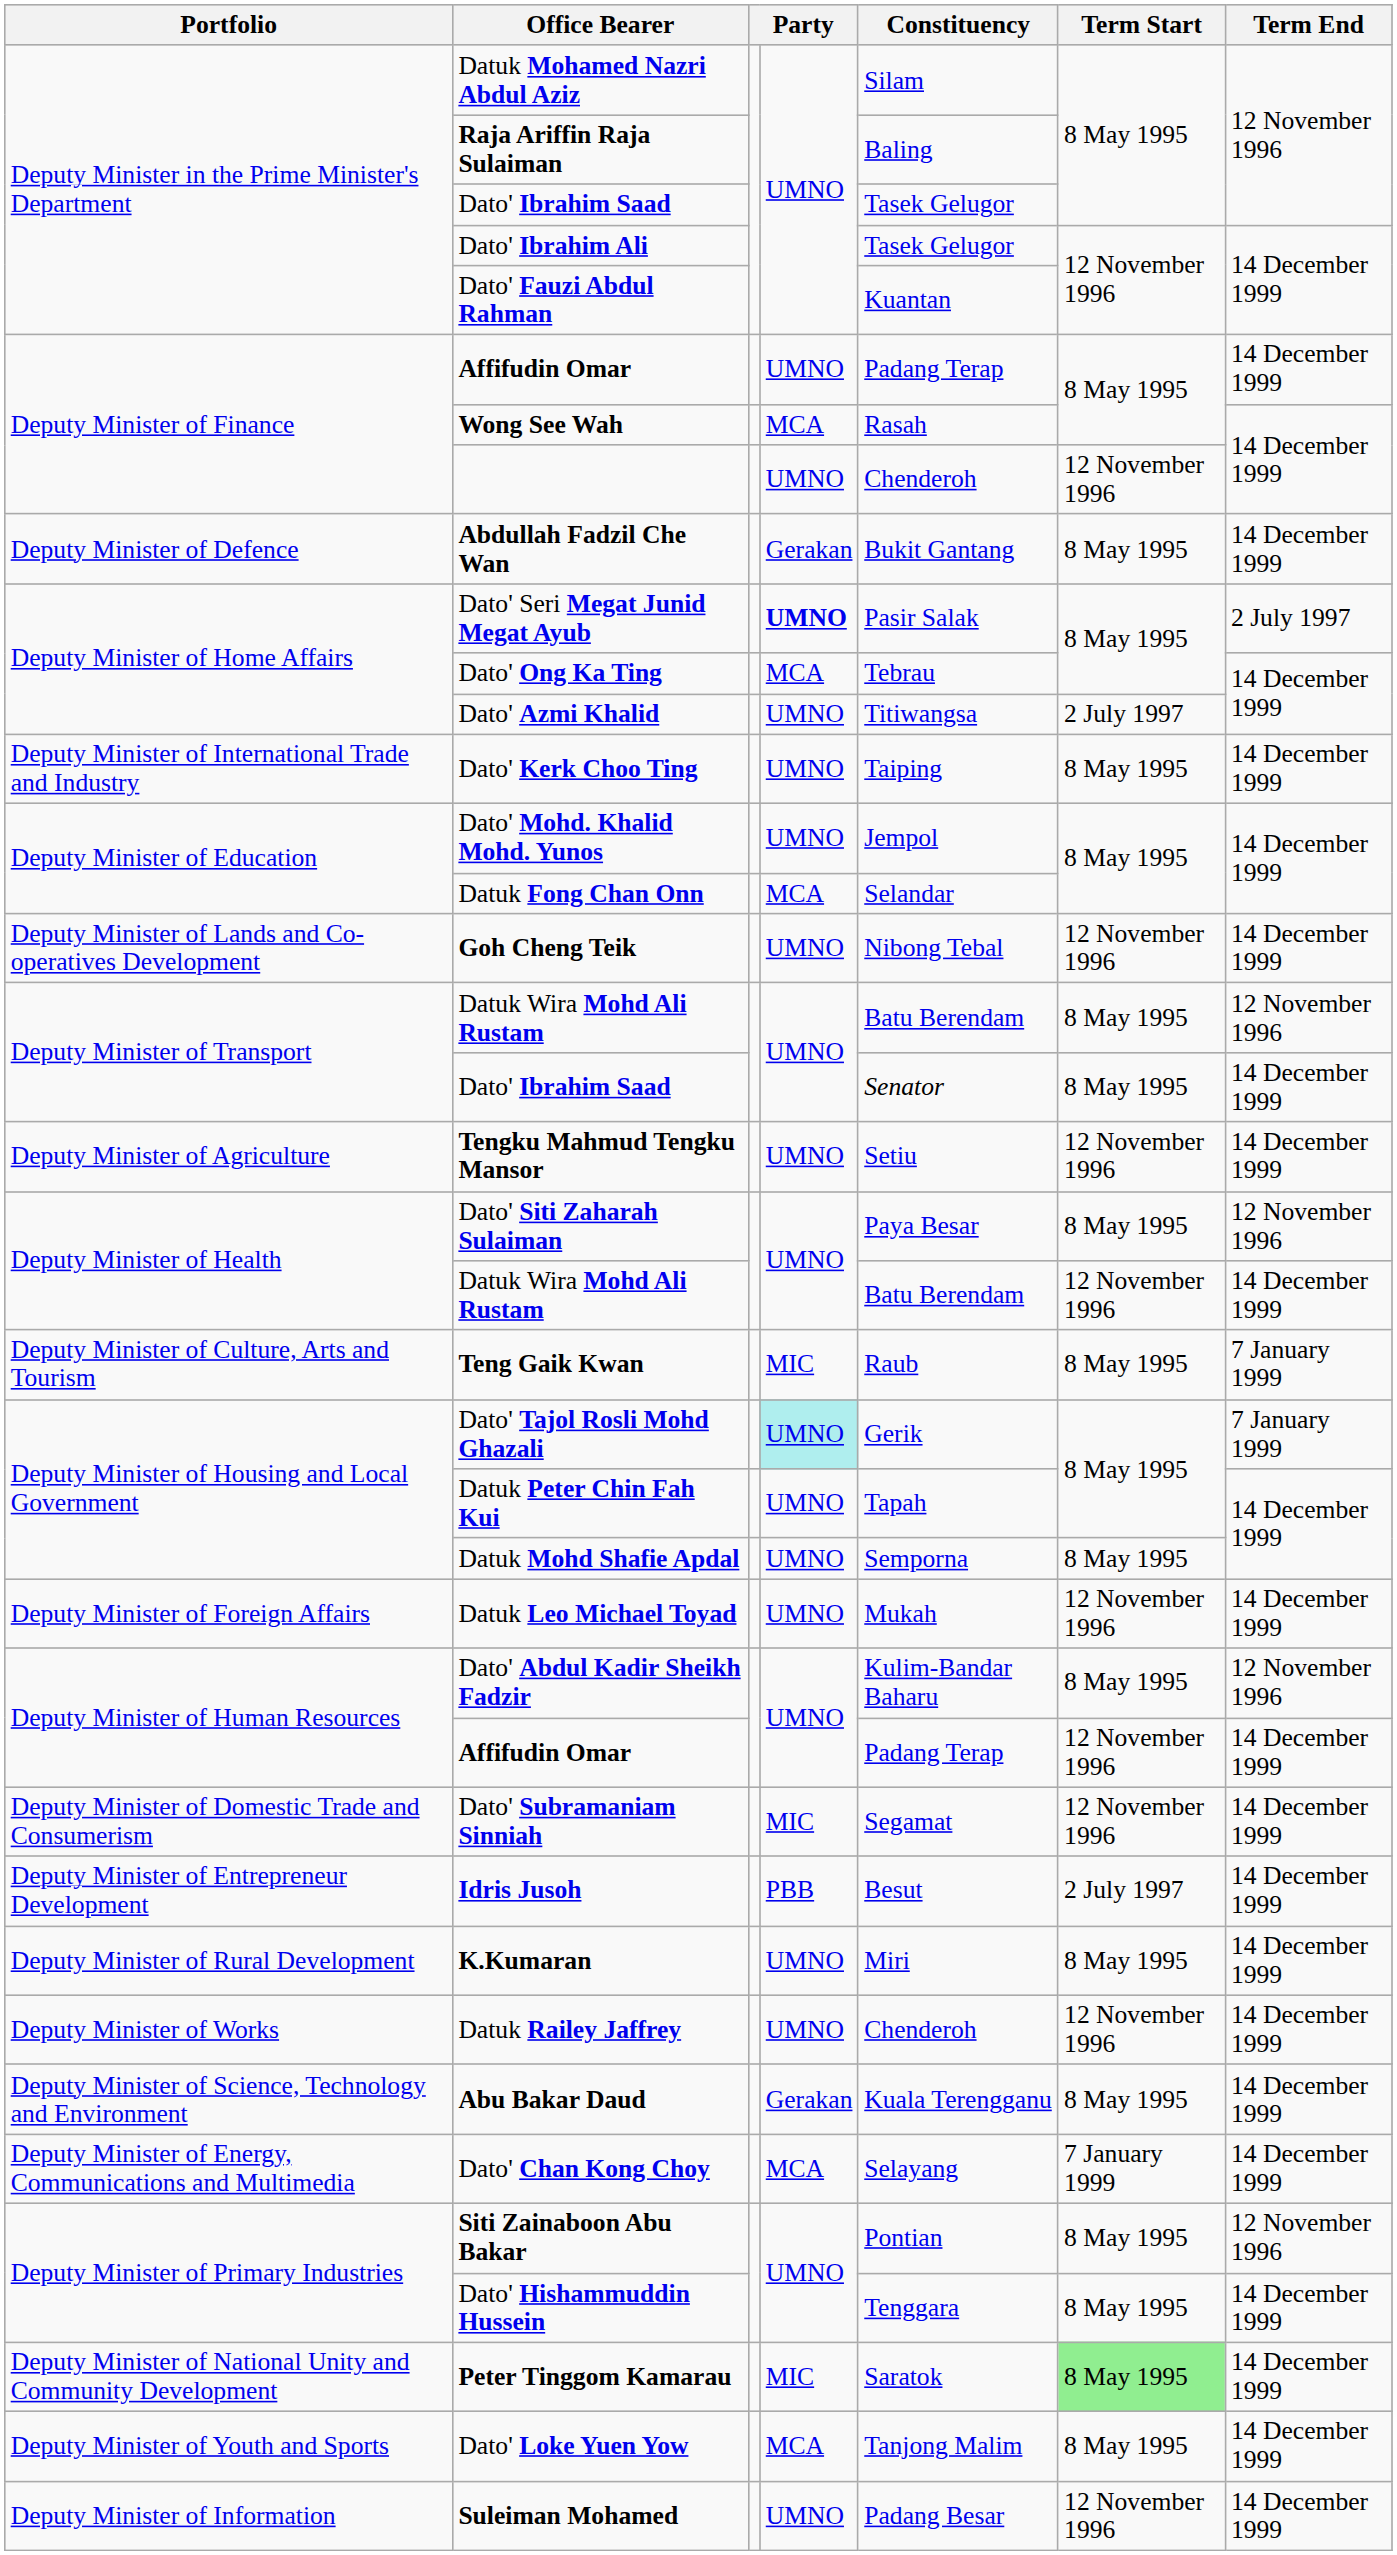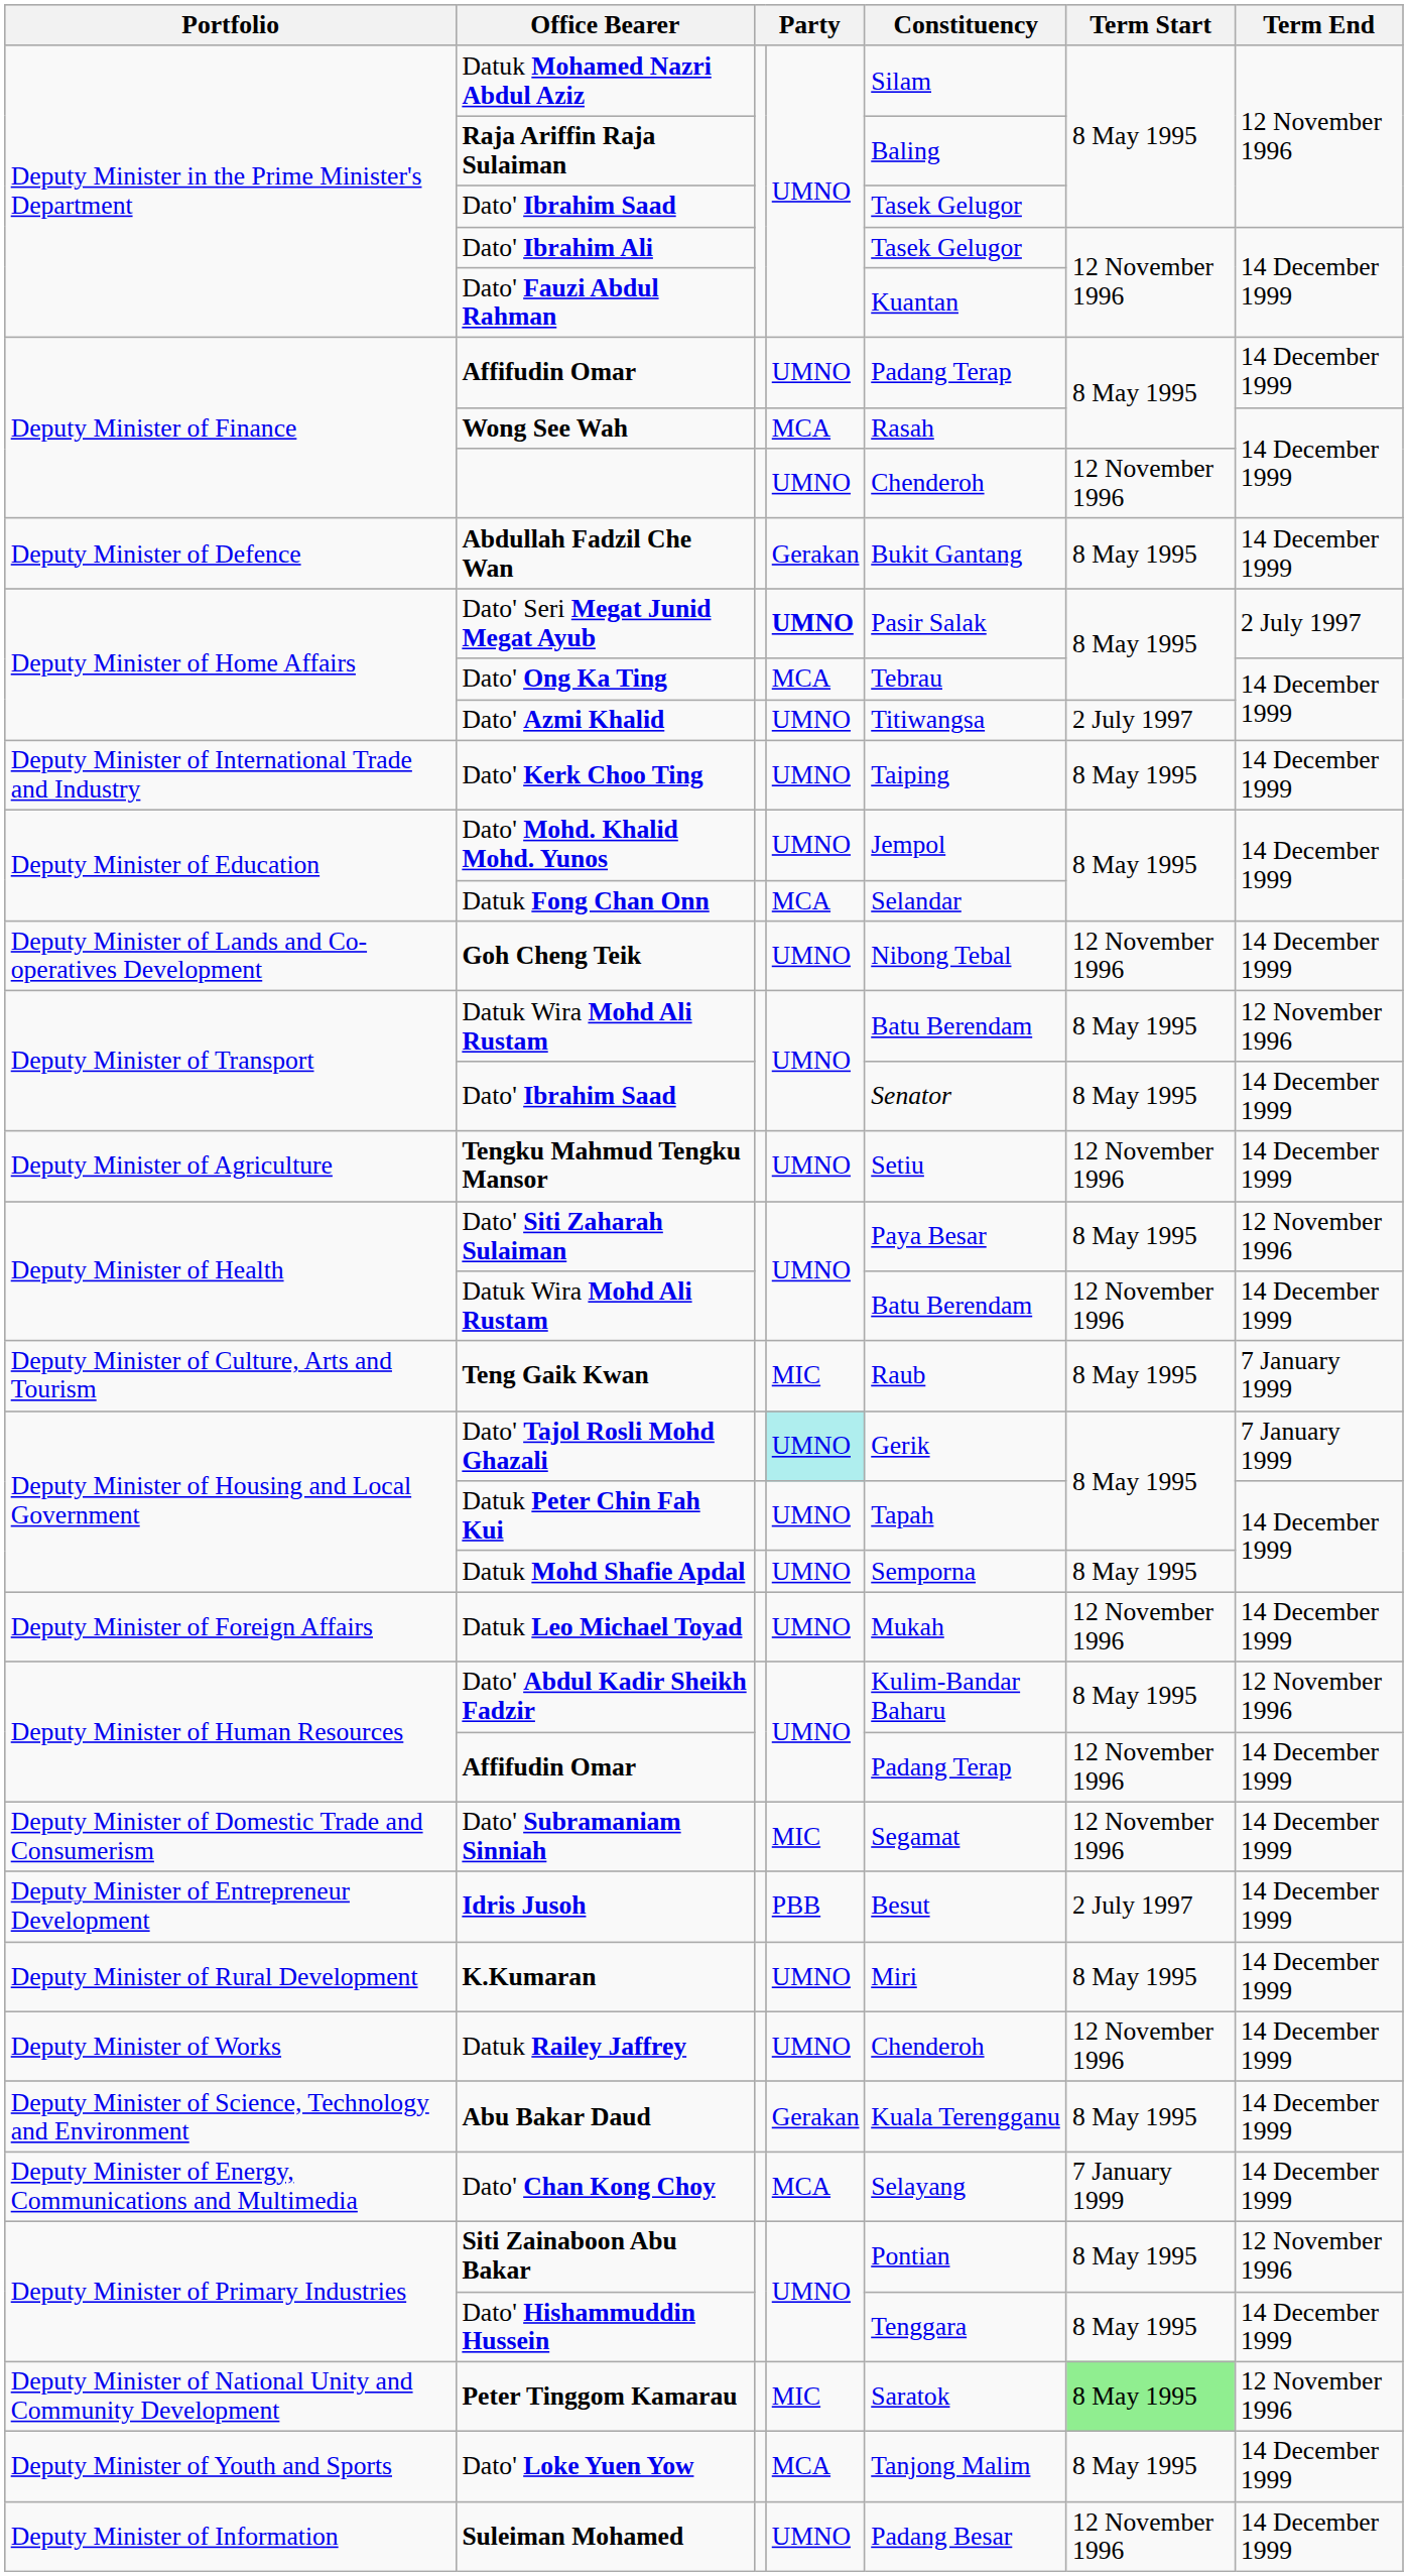 <table class="sortable wikitable">
 <tr>
 <th>Portfolio</th>
 <th>Office Bearer</th>
 <th colspan=2>Party</th>
 <th>Constituency</th>
 <th>Term Start</th>
 <th>Term End</th>
 </tr>
 <tr>
 <td rowspan="5"><a href='#'>Deputy Minister in the Prime Minister's Department</a></td>
 <td>Datuk <strong><a href='#'>Mohamed Nazri Abdul Aziz</a></strong> </td>
 <td rowspan=5></td>
 <td rowspan=5><a href='#'>UMNO</a></td>
 <td><a href='#'>Silam</a></td>
 <td rowspan=3>8 May 1995</td>
 <td rowspan=3>12 November 1996</td>
 </tr>
 <tr>
 <td><strong>Raja Ariffin Raja Sulaiman</strong> </td>
 <td><a href='#'>Baling</a></td>
 </tr>
 <tr>
 <td>Dato' <strong><a href='#'>Ibrahim Saad</a></strong> </td>
 <td><a href='#'>Tasek Gelugor</a></td>
 </tr>
 <tr>
 <td>Dato' <strong><a href='#'>Ibrahim Ali</a></strong></td>
 <td><a href='#'>Tasek Gelugor</a></td>
 <td rowspan=2>12 November 1996</td>
 <td rowspan=2>14 December 1999</td>
 </tr>
 <tr>
 <td>Dato' <strong><a href='#'>Fauzi Abdul Rahman</a></strong> </td>
 <td><a href='#'>Kuantan</a></td>
 </tr>
 <tr>
 <td rowspan="3"><a href='#'>Deputy Minister of Finance</a></td>
 <td><strong>Affifudin Omar</strong> </td>
 <td></td>
 <td><a href='#'>UMNO</a></td>
 <td><a href='#'>Padang Terap</a></td>
 <td rowspan=2>8 May 1995</td>
 <td>14 December 1999</td>
 </tr>
 <tr>
 <td><strong>Wong See Wah</strong> </td>
 <td></td>
 <td><a href='#'>MCA</a></td>
 <td><a href='#'>Rasah</a></td>
 <td rowspan=2>14 December 1999</td>
 </tr>
 <tr>
 <td> </td>
 <td rowspan=1></td>
 <td><a href='#'>UMNO</a></td>
 <td><a href='#'>Chenderoh</a></td>
 <td>12 November 1996</td>
 </tr>
 <tr>
 <td><a href='#'>Deputy Minister of Defence</a></td>
 <td><strong>Abdullah Fadzil Che Wan</strong> </td>
 <td rowspan=1></td>
 <td><a href='#'>Gerakan</a></td>
 <td><a href='#'>Bukit Gantang</a></td>
 <td>8 May 1995</td>
 <td>14 December 1999</td>
 </tr>
 <tr>
 <td rowspan=3><a href='#'>Deputy Minister of Home Affairs</a></td>
 <td>Dato' Seri <strong><a href='#'>Megat Junid Megat Ayub</a></strong> </td>
 <td rowspan=1></td>
 <td><strong><a href='#'>UMNO</a></strong></td>
 <td><a href='#'>Pasir Salak</a></td>
 <td rowspan=2>8 May 1995</td>
 <td>2 July 1997</td>
 </tr>
 <tr>
 <td>Dato' <strong><a href='#'>Ong Ka Ting</a></strong> </td>
 <td rowspan=1></td>
 <td><a href='#'>MCA</a></td>
 <td><a href='#'>Tebrau</a></td>
 <td rowspan=2>14 December 1999</td>
 </tr>
 <tr>
 <td>Dato' <strong><a href='#'>Azmi Khalid</a></strong> </td>
 <td rowspan=1></td>
 <td><a href='#'>UMNO</a></td>
 <td><a href='#'>Titiwangsa</a></td>
 <td>2 July 1997</td>
 </tr>
 <tr>
 <td><a href='#'>Deputy Minister of International Trade and Industry</a></td>
 <td>Dato' <strong><a href='#'>Kerk Choo Ting</a></strong> </td>
 <td rowspan=1></td>
 <td><a href='#'>UMNO</a></td>
 <td><a href='#'>Taiping</a></td>
 <td>8 May 1995</td>
 <td>14 December 1999</td>
 </tr>
 <tr>
 <td rowspan="2"><a href='#'>Deputy Minister of Education</a></td>
 <td>Dato' <strong><a href='#'>Mohd. Khalid Mohd. Yunos</a></strong> </td>
 <td rowspan=1></td>
 <td><a href='#'>UMNO</a></td>
 <td><a href='#'>Jempol</a></td>
 <td rowspan=2>8 May 1995</td>
 <td rowspan=2>14 December 1999</td>
 </tr>
 <tr>
 <td>Datuk <strong><a href='#'>Fong Chan Onn</a></strong> </td>
 <td rowspan=1></td>
 <td><a href='#'>MCA</a></td>
 <td><a href='#'>Selandar</a></td>
 </tr>
 <tr>
 <td><a href='#'>Deputy Minister of Lands and Co-operatives Development</a></td>
 <td><strong>Goh Cheng Teik</strong> </td>
 <td rowspan=1></td>
 <td><a href='#'>UMNO</a></td>
 <td><a href='#'>Nibong Tebal</a></td>
 <td>12 November 1996</td>
 <td>14 December 1999</td>
 </tr>
 <tr>
 <td rowspan=2><a href='#'>Deputy Minister of Transport</a></td>
 <td>Datuk Wira <strong><a href='#'>Mohd Ali Rustam</a></strong> </td>
 <td rowspan=2></td>
 <td rowspan=2><a href='#'>UMNO</a></td>
 <td><a href='#'>Batu Berendam</a></td>
 <td>8 May 1995</td>
 <td>12 November 1996</td>
 </tr>
 <tr>
 <td>Dato' <strong><a href='#'>Ibrahim Saad</a></strong> </td>
 <td><em>Senator</em></td>
 <td>8 May 1995</td>
 <td>14 December 1999</td>
 </tr>
 <tr>
 <td><a href='#'>Deputy Minister of Agriculture</a></td>
 <td><strong>Tengku Mahmud Tengku Mansor</strong> </td>
 <td rowspan=1></td>
 <td><a href='#'>UMNO</a></td>
 <td><a href='#'>Setiu</a></td>
 <td>12 November 1996</td>
 <td>14 December 1999</td>
 </tr>
 <tr>
 <td rowspan=2><a href='#'>Deputy Minister of Health</a></td>
 <td>Dato' <strong><a href='#'>Siti Zaharah Sulaiman</a></strong> </td>
 <td rowspan=2></td>
 <td rowspan=2><a href='#'>UMNO</a></td>
 <td><a href='#'>Paya Besar</a></td>
 <td>8 May 1995</td>
 <td>12 November 1996</td>
 </tr>
 <tr>
 <td>Datuk Wira <strong><a href='#'>Mohd Ali Rustam</a></strong> </td>
 <td><a href='#'>Batu Berendam</a></td>
 <td>12 November 1996</td>
 <td>14 December 1999</td>
 </tr>
 <tr>
 <td><a href='#'>Deputy Minister of Culture, Arts and Tourism</a></td>
 <td><strong>Teng Gaik Kwan</strong> </td>
 <td rowspan=1></td>
 <td><a href='#'>MIC</a></td>
 <td><a href='#'>Raub</a></td>
 <td>8 May 1995</td>
 <td>7 January 1999</td>
 </tr>
 <tr>
 <td rowspan=3><a href='#'>Deputy Minister of Housing and Local Government</a></td>
 <td>Dato' <strong><a href='#'>Tajol Rosli Mohd Ghazali</a></strong> </td>
 <td rowspan=1></td>
 <td style="background: paleturquoise;"><a href='#'>UMNO</a></td>
 <td><a href='#'>Gerik</a></td>
 <td rowspan=2>8 May 1995</td>
 <td>7 January 1999</td>
 </tr>
 <tr>
 <td>Datuk <strong><a href='#'>Peter Chin Fah Kui</a></strong> </td>
 <td rowspan=1></td>
 <td><a href='#'>UMNO</a></td>
 <td><a href='#'>Tapah</a></td>
 <td rowspan=2>14 December 1999</td>
 </tr>
 <tr>
 <td>Datuk <strong><a href='#'>Mohd Shafie Apdal</a></strong> </td>
 <td rowspan=1></td>
 <td><a href='#'>UMNO</a></td>
 <td><a href='#'>Semporna</a></td>
 <td>8 May 1995</td>
 </tr>
 <tr>
 <td><a href='#'>Deputy Minister of Foreign Affairs</a></td>
 <td>Datuk <strong><a href='#'>Leo Michael Toyad</a></strong> </td>
 <td rowspan=1></td>
 <td><a href='#'>UMNO</a></td>
 <td><a href='#'>Mukah</a></td>
 <td>12 November 1996</td>
 <td>14 December 1999</td>
 </tr>
 <tr>
 <td rowspan=2><a href='#'>Deputy Minister of Human Resources</a></td>
 <td>Dato' <strong><a href='#'>Abdul Kadir Sheikh Fadzir</a></strong> </td>
 <td rowspan=2></td>
 <td rowspan=2><a href='#'>UMNO</a></td>
 <td><a href='#'>Kulim-Bandar Baharu</a></td>
 <td>8 May 1995</td>
 <td>12 November 1996</td>
 </tr>
 <tr>
 <td><strong>Affifudin Omar</strong> </td>
 <td><a href='#'>Padang Terap</a></td>
 <td>12 November 1996</td>
 <td>14 December 1999</td>
 </tr>
 <tr>
 <td><a href='#'>Deputy Minister of Domestic Trade and Consumerism</a></td>
 <td>Dato' <strong><a href='#'>Subramaniam Sinniah</a></strong> </td>
 <td rowspan=1></td>
 <td><a href='#'>MIC</a></td>
 <td><a href='#'>Segamat</a></td>
 <td>12 November 1996</td>
 <td>14 December 1999</td>
 </tr>
 <tr>
 <td><a href='#'>Deputy Minister of Entrepreneur Development</a></td>
 <td><strong><a href='#'>Idris Jusoh</a></strong> </td>
 <td rowspan=1></td>
 <td><a href='#'>PBB</a></td>
 <td><a href='#'>Besut</a></td>
 <td>2 July 1997</td>
 <td>14 December 1999</td>
 </tr>
 <tr>
 <td><a href='#'>Deputy Minister of Rural Development</a></td>
 <td><strong>K.Kumaran</strong> </td>
 <td rowspan=1></td>
 <td><a href='#'>UMNO</a></td>
 <td><a href='#'>Miri</a></td>
 <td>8 May 1995</td>
 <td>14 December 1999</td>
 </tr>
 <tr>
 <td><a href='#'>Deputy Minister of Works</a></td>
 <td>Datuk <strong><a href='#'>Railey Jaffrey</a></strong> </td>
 <td rowspan=1></td>
 <td><a href='#'>UMNO</a></td>
 <td><a href='#'>Chenderoh</a></td>
 <td>12 November 1996</td>
 <td>14 December 1999</td>
 </tr>
 <tr>
 <td><a href='#'>Deputy Minister of Science, Technology and Environment</a></td>
 <td><strong>Abu Bakar Daud</strong> </td>
 <td rowspan=1></td>
 <td><a href='#'>Gerakan</a></td>
 <td><a href='#'>Kuala Terengganu</a></td>
 <td>8 May 1995</td>
 <td>14 December 1999</td>
 </tr>
 <tr>
 <td><a href='#'>Deputy Minister of Energy, Communications and Multimedia</a></td>
 <td>Dato' <strong><a href='#'>Chan Kong Choy</a></strong> </td>
 <td rowspan=1></td>
 <td><a href='#'>MCA</a></td>
 <td><a href='#'>Selayang</a></td>
 <td>7 January 1999</td>
 <td>14 December 1999</td>
 </tr>
 <tr>
 <td rowspan=2><a href='#'>Deputy Minister of Primary Industries</a></td>
 <td><strong>Siti Zainaboon Abu Bakar</strong> </td>
 <td rowspan=2></td>
 <td rowspan=2><a href='#'>UMNO</a></td>
 <td><a href='#'>Pontian</a></td>
 <td>8 May 1995</td>
 <td>12 November 1996</td>
 </tr>
 <tr>
 <td>Dato' <strong><a href='#'>Hishammuddin Hussein</a></strong> </td>
 <td><a href='#'>Tenggara</a></td>
 <td>8 May 1995</td>
 <td>14 December 1999</td>
 </tr>
 <tr>
 <td><a href='#'>Deputy Minister of National Unity and Community Development</a></td>
 <td><strong>Peter Tinggom Kamarau</strong> </td>
 <td rowspan=1></td>
 <td><a href='#'>MIC</a></td>
 <td><a href='#'>Saratok</a></td>
 <td style="background: lightgreen;">8 May 1995</td>
-<td>14 December 1999</td>
+<td>12 November 1996</td>
 </tr>
 <tr>
 <td><a href='#'>Deputy Minister of Youth and Sports</a></td>
 <td>Dato' <strong><a href='#'>Loke Yuen Yow</a></strong> </td>
 <td rowspan=1></td>
 <td><a href='#'>MCA</a></td>
 <td><a href='#'>Tanjong Malim</a></td>
 <td>8 May 1995</td>
 <td>14 December 1999</td>
 </tr>
 <tr>
 <td><a href='#'>Deputy Minister of Information</a></td>
 <td><strong>Suleiman Mohamed</strong> </td>
 <td rowspan=1></td>
 <td><a href='#'>UMNO</a></td>
 <td><a href='#'>Padang Besar</a></td>
 <td>12 November 1996</td>
 <td>14 December 1999</td>
 </tr>
 </table>
